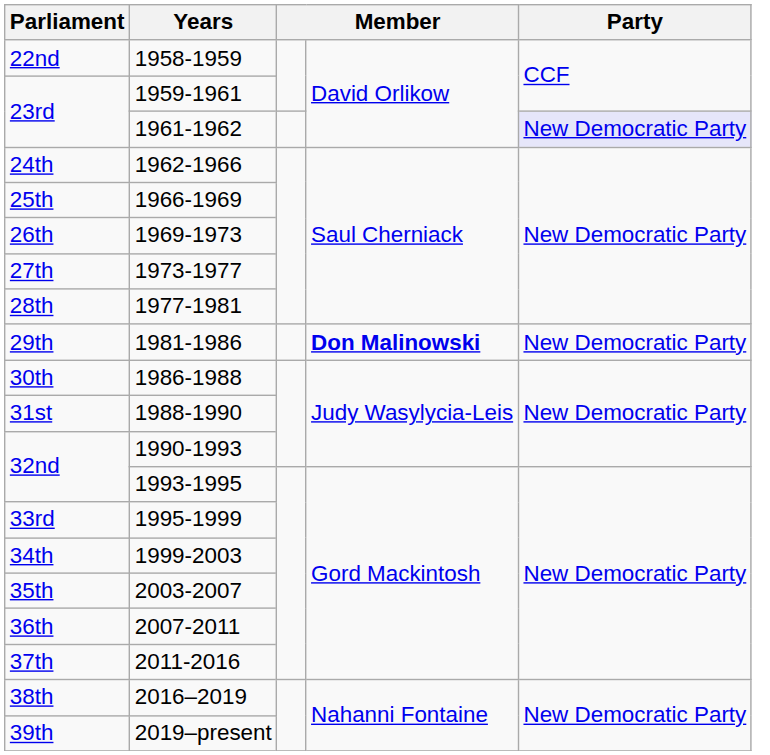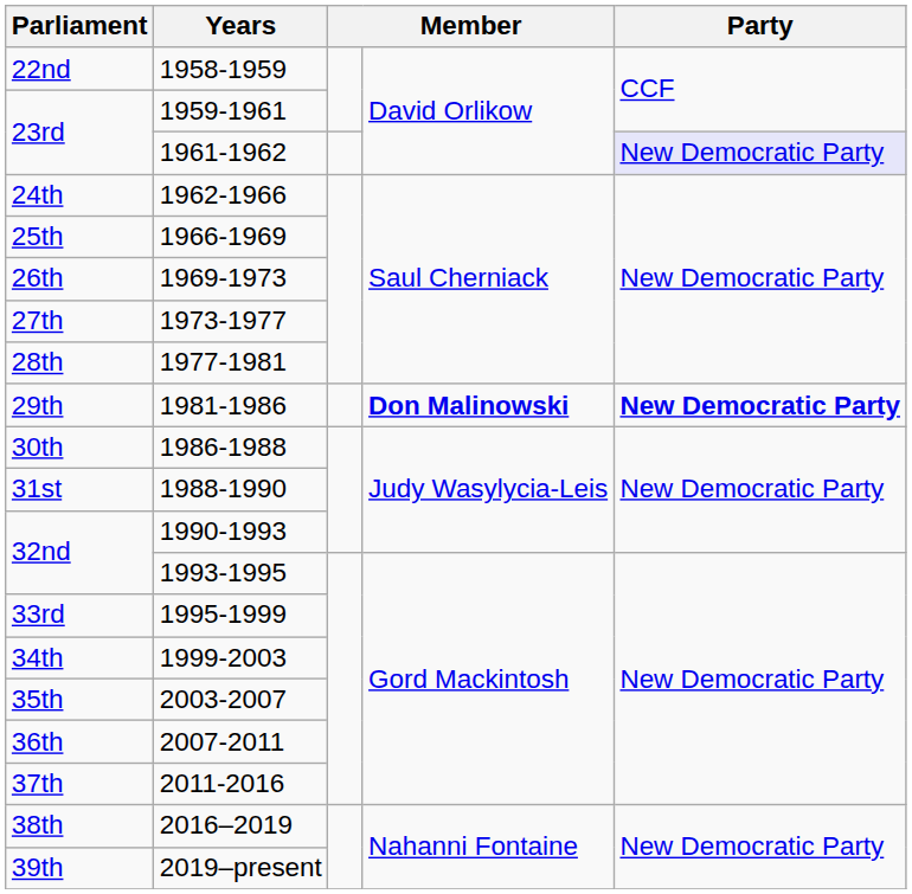 <table class="wikitable">
 <tr>
 <th>Parliament</th>
 <th>Years</th>
 <th colspan="2">Member</th>
 <th>Party<br></th>
 </tr>
 <tr>
 <td><a href='#'>22nd</a></td>
 <td>1958-1959</td>
 <td rowspan="2" >   </td>
 <td rowspan="3"><a href='#'>David Orlikow</a></td>
 <td rowspan="2"><a href='#'>CCF</a></td>
 </tr>
 <tr>
 <td rowspan="2"><a href='#'>23rd</a></td>
 <td>1959-1961</td>
 </tr>
 <tr>
 <td>1961-1962</td>
 <td rowspan="1" >   </td>
 <td rowspan="1" style="background: lavender;"><a href='#'>New Democratic Party</a></td>
 </tr>
 <tr>
 <td><a href='#'>24th</a></td>
 <td>1962-1966</td>
 <td rowspan="5" >   </td>
 <td rowspan="5"><a href='#'>Saul Cherniack</a></td>
 <td rowspan="5"><a href='#'>New Democratic Party</a></td>
 </tr>
 <tr>
 <td><a href='#'>25th</a></td>
 <td>1966-1969</td>
 </tr>
 <tr>
 <td><a href='#'>26th</a></td>
 <td>1969-1973</td>
 </tr>
 <tr>
 <td><a href='#'>27th</a></td>
 <td>1973-1977</td>
 </tr>
 <tr>
 <td><a href='#'>28th</a></td>
 <td>1977-1981</td>
 </tr>
 <tr>
 <td><a href='#'>29th</a></td>
 <td>1981-1986</td>
 <td rowspan="1" >   </td>
 <td rowspan="1"><strong><a href='#'>Don Malinowski</a></strong></td>
-<td rowspan="1"><a href='#'>New Democratic Party</a></td>
+<td rowspan="1"><strong><a href='#'>New Democratic Party</a></strong></td>
 </tr>
 <tr>
 <td><a href='#'>30th</a></td>
 <td>1986-1988</td>
 <td rowspan="3" >   </td>
 <td rowspan="3"><a href='#'>Judy Wasylycia-Leis</a></td>
 <td rowspan="3"><a href='#'>New Democratic Party</a></td>
 </tr>
 <tr>
 <td><a href='#'>31st</a></td>
 <td>1988-1990</td>
 </tr>
 <tr>
 <td rowspan="2"><a href='#'>32nd</a></td>
 <td>1990-1993</td>
 </tr>
 <tr>
 <td>1993-1995</td>
 <td rowspan="6" >   </td>
 <td rowspan="6"><a href='#'>Gord Mackintosh</a></td>
 <td rowspan="6"><a href='#'>New Democratic Party</a></td>
 </tr>
 <tr>
 <td><a href='#'>33rd</a></td>
 <td>1995-1999</td>
 </tr>
 <tr>
 <td><a href='#'>34th</a></td>
 <td>1999-2003</td>
 </tr>
 <tr>
 <td><a href='#'>35th</a></td>
 <td>2003-2007</td>
 </tr>
 <tr>
 <td><a href='#'>36th</a></td>
 <td>2007-2011</td>
 </tr>
 <tr>
 <td><a href='#'>37th</a></td>
 <td>2011-2016</td>
 </tr>
 <tr>
 <td><a href='#'>38th</a></td>
 <td>2016–2019</td>
 <td rowspan="2" >   </td>
 <td rowspan="2"><a href='#'>Nahanni Fontaine</a></td>
 <td rowspan="2"><a href='#'>New Democratic Party</a></td>
 </tr>
 <tr>
 <td><a href='#'>39th</a></td>
 <td>2019–present</td>
 </tr>
 </table>
